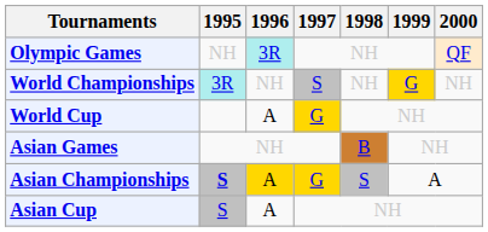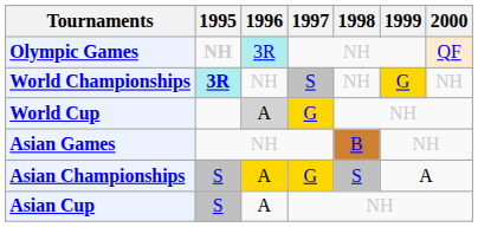 <table class="wikitable" style="font-size: 90%; text-align:center">
 <tr>
 <th>Tournaments</th>
 <th>1995</th>
 <th>1996</th>
 <th>1997</th>
 <th>1998</th>
 <th>1999</th>
 <th>2000</th>
 </tr>
 <tr>
 <td bgcolor="#ECF2FF"; align="left"><strong><a href='#'>Olympic Games</a></strong></td>
-<td style=color:#ccc>NH</td>
+<td style=color:#ccc><strong>NH</strong></td>
 <td bgcolor=AFEEEE><a href='#'>3R</a></td>
 <td colspan="3" style=color:#ccc>NH</td>
 <td bgcolor=FFEBCD><a href='#'>QF</a></td>
 </tr>
 <tr>
 <td bgcolor="#ECF2FF"; align="left"><strong><a href='#'>World Championships</a></strong></td>
-<td bgcolor=AFEEEE><a href='#'>3R</a></td>
+<td bgcolor=AFEEEE><strong><a href='#'>3R</a></strong></td>
 <td style=color:#ccc>NH</td>
 <td bgcolor=silver><a href='#'>S</a></td>
 <td style=color:#ccc>NH</td>
 <td bgcolor=gold><a href='#'>G</a></td>
 <td style=color:#ccc>NH</td>
 </tr>
 <tr>
 <td bgcolor="#ECF2FF"; align="left"><strong><a href='#'>World Cup</a></strong></td>
 <td></td>
-<td>A</td>
+<td style="background: lightgrey;">A</td>
 <td bgcolor=gold><a href='#'>G</a></td>
 <td colspan="3" style=color:#ccc>NH</td>
 </tr>
 <tr>
 <td bgcolor="#ECF2FF"; align="left"><strong><a href='#'>Asian Games</a></strong></td>
 <td colspan="3" style=color:#ccc>NH</td>
 <td bgcolor=CD7F32><a href='#'>B</a></td>
 <td colspan="2" style=color:#ccc>NH</td>
 </tr>
 <tr>
 <td bgcolor="#ECF2FF"; align="left"><strong><a href='#'>Asian Championships</a></strong></td>
-<td bgcolor=silver><strong><a href='#'>S</a></strong></td>
+<td bgcolor=silver><a href='#'>S</a></td>
 <td style="background: gold;">A</td>
 <td bgcolor=gold><a href='#'>G</a></td>
 <td bgcolor=silver><a href='#'>S</a></td>
 <td colspan="2">A</td>
 </tr>
 <tr>
 <td bgcolor="#ECF2FF"; align="left"><strong><a href='#'>Asian Cup</a></strong></td>
 <td bgcolor=silver><a href='#'>S</a></td>
 <td>A</td>
 <td colspan="4" style=color:#ccc>NH</td>
 </tr>
 </table>
